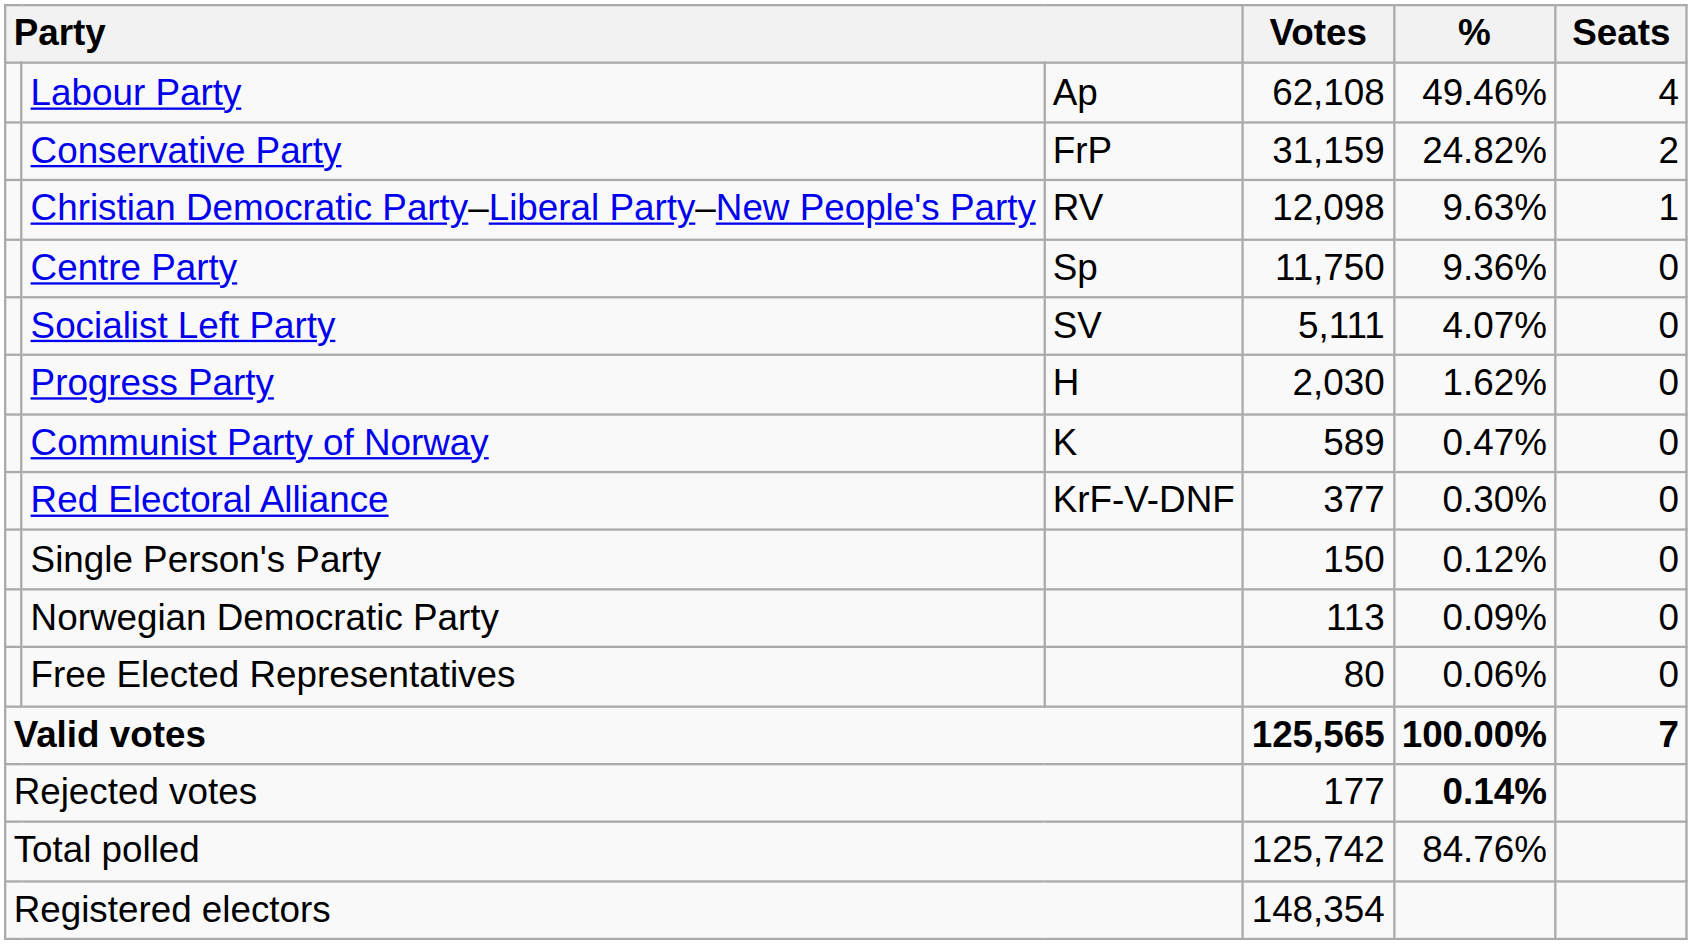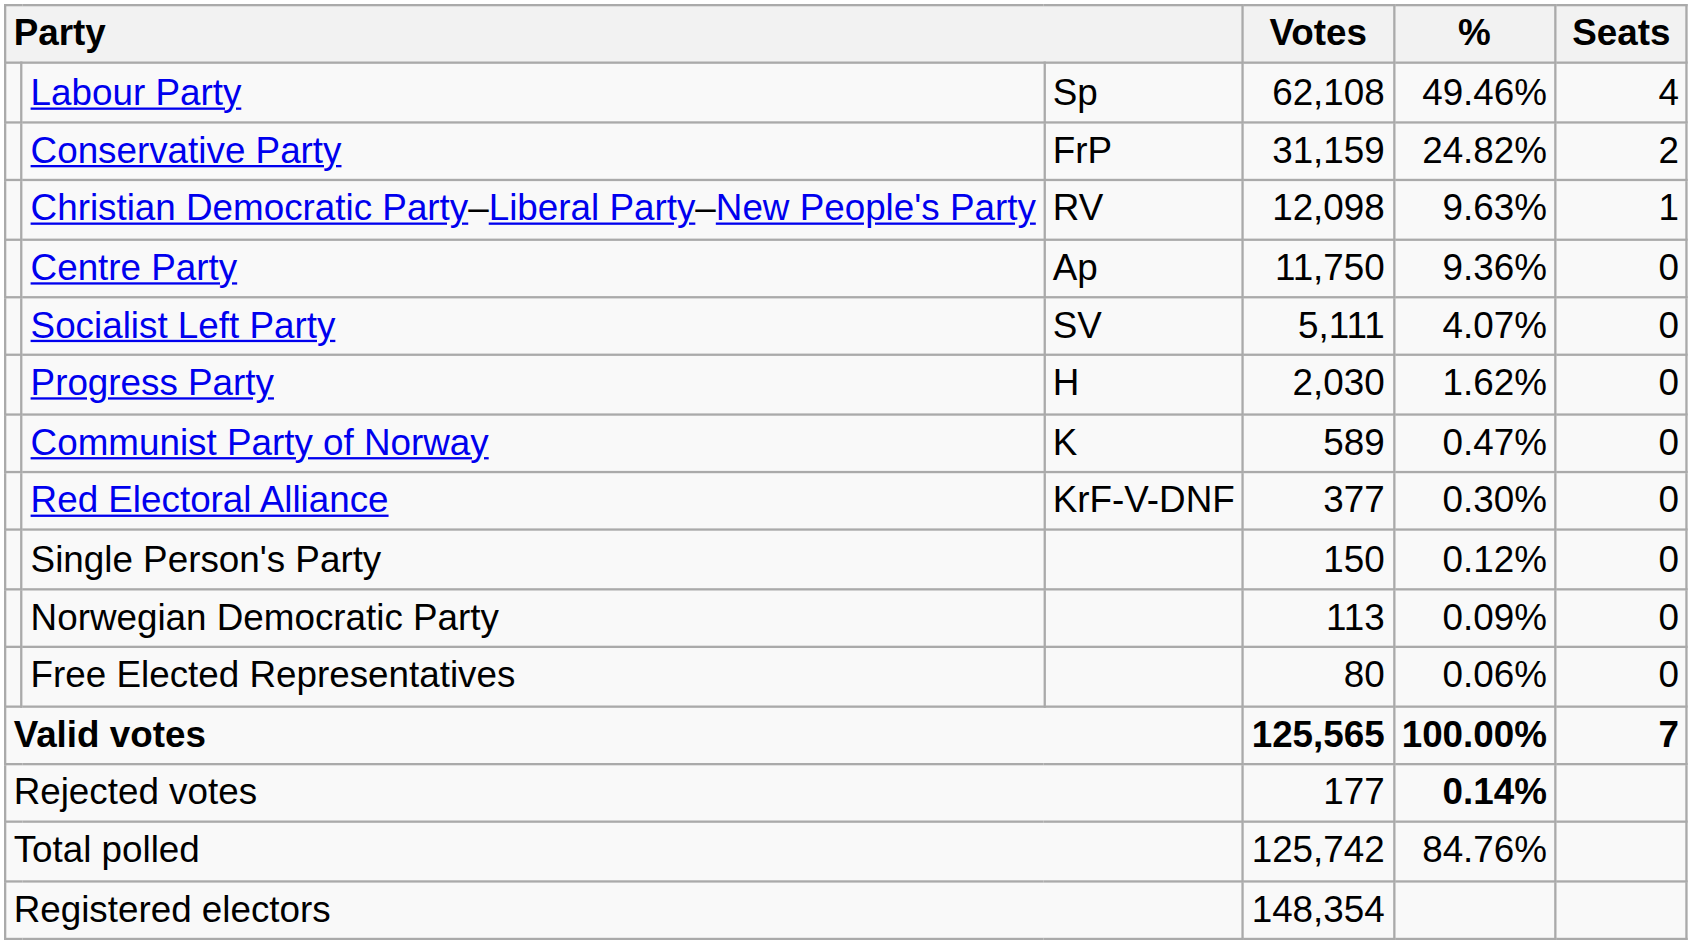 <table class="wikitable" border="1" style="text-align:right;">
 <tr>
 <th style="text-align:left;" colspan=3>Party</th>
 <th align=center width="50">Votes</th>
 <th align=center width="50">%</th>
 <th align=center width="50">Seats</th>
 </tr>
 <tr>
 <td style="color:inherit;background:"></td>
 <td align=left><a href='#'>Labour Party</a></td>
-<td align=left>Ap</td>
+<td align=left>Sp</td>
 <td>62,108</td>
 <td>49.46%</td>
 <td>4</td>
 </tr>
 <tr>
 <td style="color:inherit;background:"></td>
 <td align=left><a href='#'>Conservative Party</a></td>
 <td align=left>FrP</td>
 <td>31,159</td>
 <td>24.82%</td>
 <td>2</td>
 </tr>
 <tr>
 <td></td>
 <td align=left><a href='#'>Christian Democratic Party</a>–<a href='#'>Liberal Party</a>–<a href='#'>New People's Party</a></td>
 <td align=left>RV</td>
 <td>12,098</td>
 <td>9.63%</td>
 <td>1</td>
 </tr>
 <tr>
 <td style="color:inherit;background:"></td>
 <td align=left><a href='#'>Centre Party</a></td>
-<td align=left>Sp</td>
+<td align=left>Ap</td>
 <td>11,750</td>
 <td>9.36%</td>
 <td>0</td>
 </tr>
 <tr>
 <td style="color:inherit;background:"></td>
 <td align=left><a href='#'>Socialist Left Party</a></td>
 <td align=left>SV</td>
 <td>5,111</td>
 <td>4.07%</td>
 <td>0</td>
 </tr>
 <tr>
 <td style="color:inherit;background:"></td>
 <td align=left><a href='#'>Progress Party</a></td>
 <td align=left>H</td>
 <td>2,030</td>
 <td>1.62%</td>
 <td>0</td>
 </tr>
 <tr>
 <td style="color:inherit;background:"></td>
 <td align=left><a href='#'>Communist Party of Norway</a></td>
 <td align=left>K</td>
 <td>589</td>
 <td>0.47%</td>
 <td>0</td>
 </tr>
 <tr>
 <td style="color:inherit;background:"></td>
 <td align=left><a href='#'>Red Electoral Alliance</a></td>
 <td align=left>KrF-V-DNF</td>
 <td>377</td>
 <td>0.30%</td>
 <td>0</td>
 </tr>
 <tr>
 <td></td>
 <td align=left>Single Person's Party</td>
 <td align=left></td>
 <td>150</td>
 <td>0.12%</td>
 <td>0</td>
 </tr>
 <tr>
 <td></td>
 <td align=left>Norwegian Democratic Party</td>
 <td align=left></td>
 <td>113</td>
 <td>0.09%</td>
 <td>0</td>
 </tr>
 <tr>
 <td></td>
 <td align=left>Free Elected Representatives</td>
 <td align=left></td>
 <td>80</td>
 <td>0.06%</td>
 <td>0</td>
 </tr>
 <tr style="font-weight:bold">
 <td align=left colspan=3>Valid votes</td>
 <td>125,565</td>
 <td>100.00%</td>
 <td>7</td>
 </tr>
 <tr>
 <td align=left colspan=3>Rejected votes</td>
 <td>177</td>
 <td><strong>0.14%</strong></td>
 <td></td>
 </tr>
 <tr>
 <td align=left colspan=3>Total polled</td>
 <td>125,742</td>
 <td>84.76%</td>
 <td></td>
 </tr>
 <tr>
 <td align=left colspan=3>Registered electors</td>
 <td>148,354</td>
 <td></td>
 <td></td>
 </tr>
 </table>
